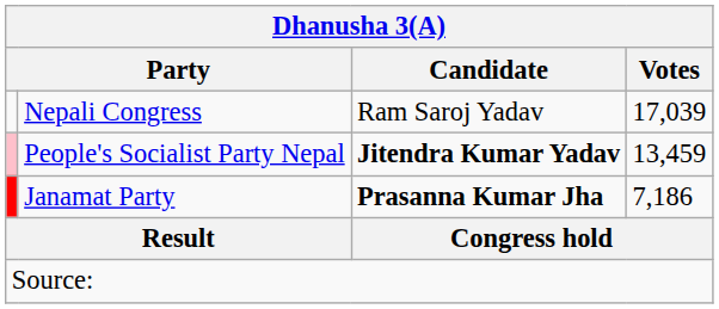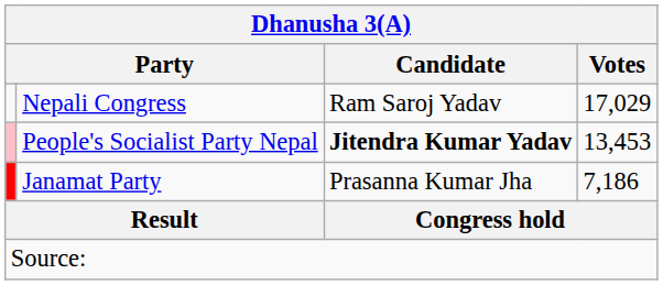 <table class="wikitable">
 <tr>
 <th colspan="4"><a href='#'>Dhanusha 3(A)</a></th>
 </tr>
 <tr>
 <th colspan="2">Party</th>
 <th>Candidate</th>
 <th>Votes</th>
 </tr>
 <tr>
 <td style="background-color:"></td>
 <td><a href='#'>Nepali Congress</a></td>
 <td>Ram Saroj Yadav</td>
-<td>17,039</td>
+<td>17,029</td>
 </tr>
 <tr>
 <td style="background-color:#FFC0CB"></td>
 <td><a href='#'>People's Socialist Party Nepal</a></td>
 <td><strong>Jitendra Kumar Yadav</strong></td>
-<td>13,459</td>
+<td>13,453</td>
 </tr>
 <tr>
 <td style="background-color:#FF0000"></td>
 <td><a href='#'>Janamat Party</a></td>
-<td><strong>Prasanna Kumar Jha</strong></td>
+<td>Prasanna Kumar Jha</td>
 <td>7,186</td>
 </tr>
 <tr>
 <th colspan="2">Result</th>
 <th colspan="2">Congress hold</th>
 </tr>
 <tr>
 <td colspan="4">Source: </td>
 </tr>
 </table>
